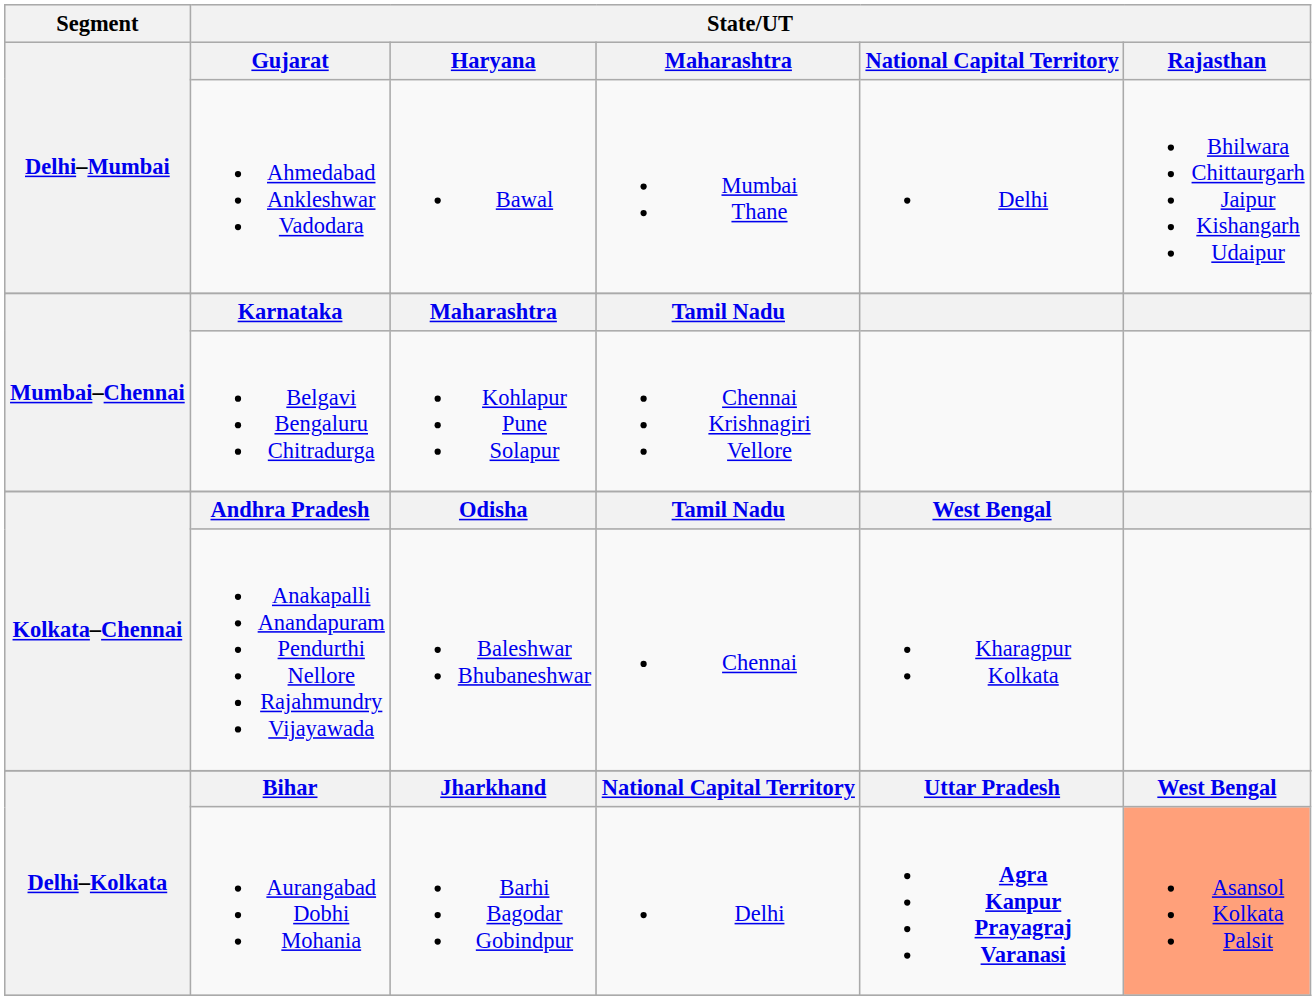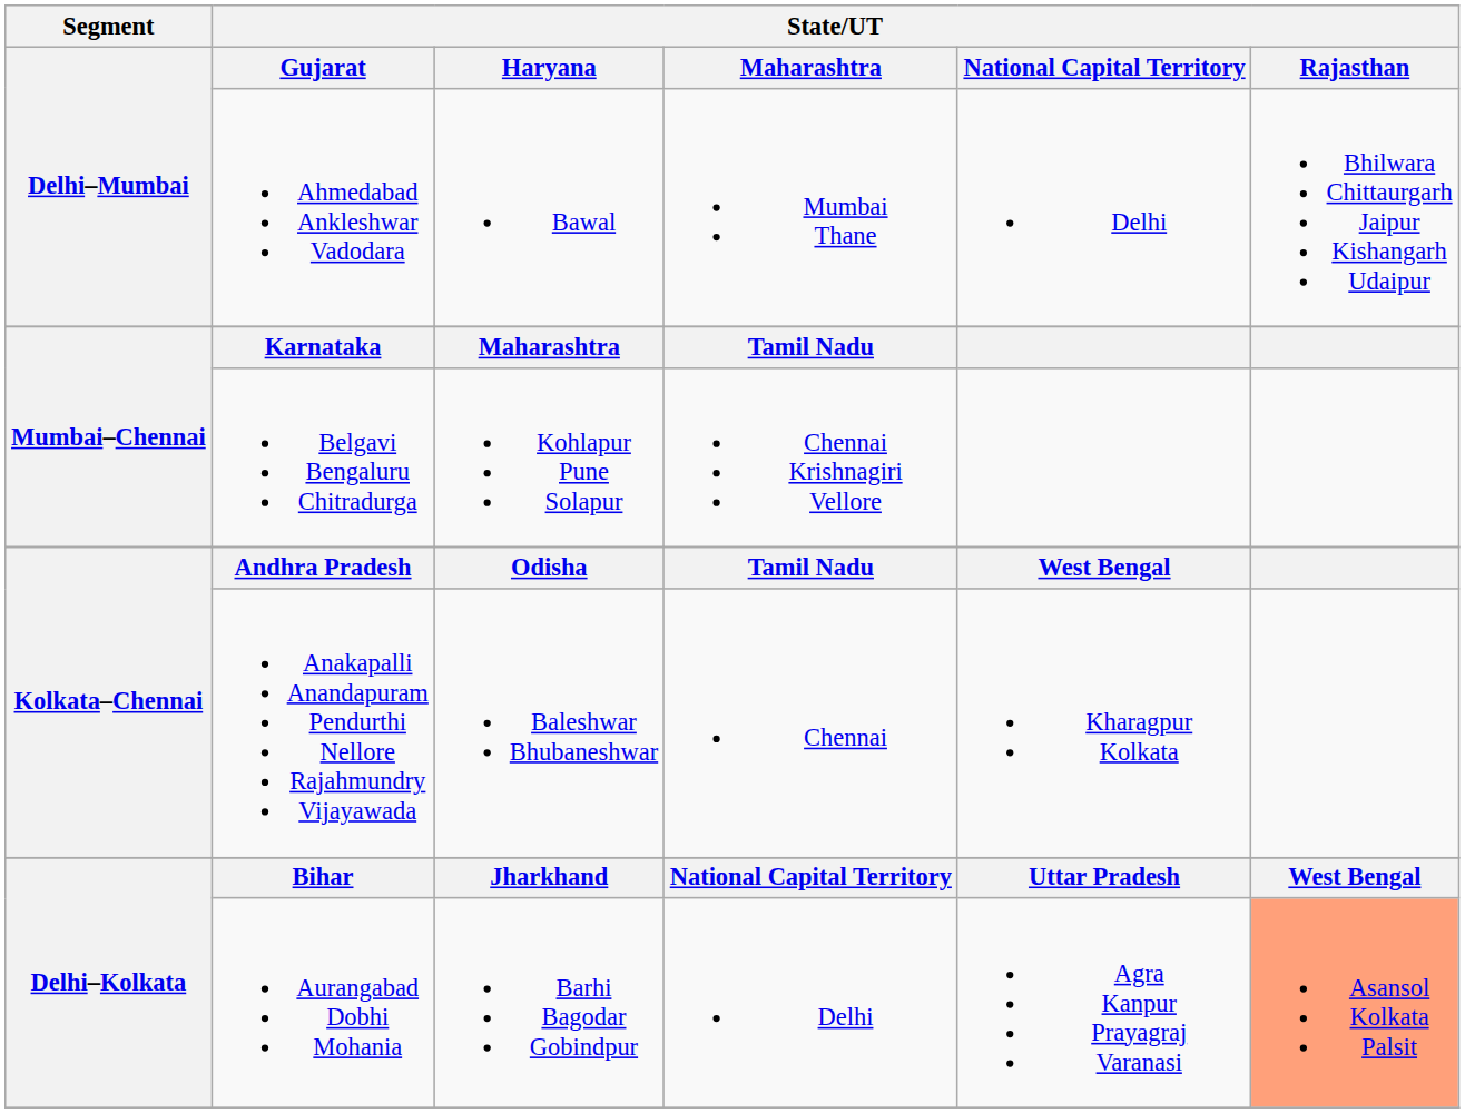 <table class="wikitable"style="font-size:90%; text-align:center;">
 <tr>
 <th>Segment</th>
 <th colspan="6">State/UT</th>
 </tr>
 <tr>
 <th rowspan="2"><a href='#'>Delhi</a>–<a href='#'>Mumbai</a></th>
 <th><a href='#'>Gujarat</a></th>
 <th><a href='#'>Haryana</a></th>
 <th><a href='#'>Maharashtra</a></th>
 <th><a href='#'>National Capital Territory</a></th>
 <th><a href='#'>Rajasthan</a></th>
 </tr>
 <tr>
 <td><br><ul><li><a href='#'>Ahmedabad</a></li><li><a href='#'>Ankleshwar</a></li><li><a href='#'>Vadodara</a></li></ul></td>
 <td><br><ul><li><a href='#'>Bawal</a></li></ul></td>
 <td><br><ul><li><a href='#'>Mumbai</a></li><li><a href='#'>Thane</a></li></ul></td>
 <td><br><ul><li><a href='#'>Delhi</a></li></ul></td>
 <td><br><ul><li><a href='#'>Bhilwara</a></li><li><a href='#'>Chittaurgarh</a></li><li><a href='#'>Jaipur</a></li><li><a href='#'>Kishangarh</a></li><li><a href='#'>Udaipur</a></li></ul></td>
 </tr>
 <tr>
 </tr>
 <tr>
 <th rowspan="2"><a href='#'>Mumbai</a>–<a href='#'>Chennai</a></th>
 <th><a href='#'>Karnataka</a></th>
 <th><a href='#'>Maharashtra</a></th>
 <th><a href='#'>Tamil Nadu</a></th>
 <th></th>
 <th></th>
 </tr>
 <tr>
 <td><br><ul><li><a href='#'>Belgavi</a></li><li><a href='#'>Bengaluru</a></li><li><a href='#'>Chitradurga</a></li></ul></td>
 <td><br><ul><li><a href='#'>Kohlapur</a></li><li><a href='#'>Pune</a></li><li><a href='#'>Solapur</a></li></ul></td>
 <td><br><ul><li><a href='#'>Chennai</a></li><li><a href='#'>Krishnagiri</a></li><li><a href='#'>Vellore</a></li></ul></td>
 <td></td>
 <td></td>
 </tr>
 <tr>
 </tr>
 <tr>
 <th rowspan="2"><a href='#'>Kolkata</a>–<a href='#'>Chennai</a></th>
 <th><a href='#'>Andhra Pradesh</a></th>
 <th><a href='#'>Odisha</a></th>
 <th><a href='#'>Tamil Nadu</a></th>
 <th><a href='#'>West Bengal</a></th>
 <th></th>
 </tr>
 <tr>
 <td><br><ul><li><a href='#'>Anakapalli</a></li><li><a href='#'>Anandapuram</a></li><li><a href='#'>Pendurthi</a></li><li><a href='#'>Nellore</a></li><li><a href='#'>Rajahmundry</a></li><li><a href='#'>Vijayawada</a></li></ul></td>
 <td><br><ul><li><a href='#'>Baleshwar</a></li><li><a href='#'>Bhubaneshwar</a></li></ul></td>
 <td><br><ul><li><a href='#'>Chennai</a></li></ul></td>
 <td><br><ul><li><a href='#'>Kharagpur</a></li><li><a href='#'>Kolkata</a></li></ul></td>
 <td></td>
 </tr>
 <tr>
 </tr>
 <tr>
 <th rowspan="2"><a href='#'>Delhi</a>–<a href='#'>Kolkata</a></th>
 <th><a href='#'>Bihar</a></th>
 <th><a href='#'>Jharkhand</a></th>
 <th><a href='#'>National Capital Territory</a></th>
 <th><a href='#'>Uttar Pradesh</a></th>
 <th><a href='#'>West Bengal</a></th>
 </tr>
 <tr>
 <td><br><ul><li><a href='#'>Aurangabad</a></li><li><a href='#'>Dobhi</a></li><li><a href='#'>Mohania</a></li></ul></td>
 <td><br><ul><li><a href='#'>Barhi</a></li><li><a href='#'>Bagodar</a></li><li><a href='#'>Gobindpur</a></li></ul></td>
 <td><br><ul><li><a href='#'>Delhi</a></li></ul></td>
-<td><strong><br><ul><li><a href='#'>Agra</a></li><li><a href='#'>Kanpur</a></li><li><a href='#'>Prayagraj</a></li><li><a href='#'>Varanasi</a></li></ul></strong></td>
+<td><br><ul><li><a href='#'>Agra</a></li><li><a href='#'>Kanpur</a></li><li><a href='#'>Prayagraj</a></li><li><a href='#'>Varanasi</a></li></ul></td>
 <td style="background: lightsalmon;"><br><ul><li><a href='#'>Asansol</a></li><li><a href='#'>Kolkata</a></li><li><a href='#'>Palsit</a></li></ul></td>
 </tr>
 <tr>
 </tr>
 </table>
